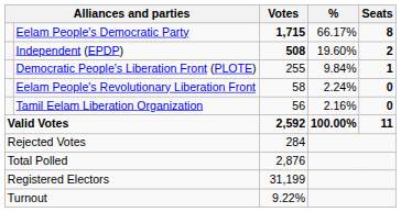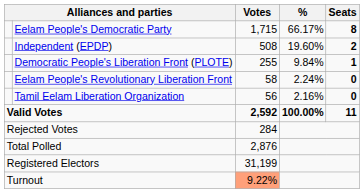 <table class="wikitable" border="1" style="text-align:right;">
 <tr>
 <th valign=bottom align=left colspan=2>Alliances and parties</th>
 <th valign=bottom align=center width="60">Votes</th>
 <th valign=bottom align=center width="50">%</th>
 <th valign=bottom align=center>Seats</th>
 </tr>
 <tr>
 <td bgcolor=> </td>
 <td align=left><a href='#'>Eelam People's Democratic Party</a></td>
-<td><strong>1,715</strong></td>
+<td>1,715</td>
 <td>66.17%</td>
 <td><strong>8</strong></td>
 </tr>
 <tr>
 <td bgcolor=> </td>
 <td align=left><a href='#'>Independent</a> (<a href='#'>EPDP</a>)</td>
-<td><strong>508</strong></td>
+<td>508</td>
 <td>19.60%</td>
 <td><strong>2</strong></td>
 </tr>
 <tr>
 <td bgcolor=> </td>
 <td align=left><a href='#'>Democratic People's Liberation Front</a> (<a href='#'>PLOTE</a>)</td>
 <td>255</td>
 <td>9.84%</td>
 <td><strong>1</strong></td>
 </tr>
 <tr>
 <td bgcolor=> </td>
 <td align=left><a href='#'>Eelam People's Revolutionary Liberation Front</a></td>
 <td>58</td>
 <td>2.24%</td>
 <td><strong>0</strong></td>
 </tr>
 <tr>
 <td bgcolor=> </td>
 <td align=left><a href='#'>Tamil Eelam Liberation Organization</a></td>
 <td>56</td>
 <td>2.16%</td>
 <td><strong>0</strong></td>
 </tr>
 <tr>
 <td colspan=2 align=left><strong>Valid Votes</strong></td>
 <td><strong>2,592</strong></td>
 <td><strong>100.00%</strong></td>
 <td><strong>11</strong></td>
 </tr>
 <tr>
 <td colspan=2 align=left>Rejected Votes</td>
 <td>284</td>
 <td colspan=2></td>
 </tr>
 <tr>
 <td colspan=2 align=left>Total Polled</td>
 <td>2,876</td>
 <td colspan=2></td>
 </tr>
 <tr>
 <td colspan=2 align=left>Registered Electors</td>
 <td>31,199</td>
 <td colspan=2></td>
 </tr>
 <tr>
 <td colspan=2 align=left>Turnout</td>
-<td>9.22%</td>
+<td style="background: lightsalmon;">9.22%</td>
 <td colspan=2></td>
 </tr>
 </table>
